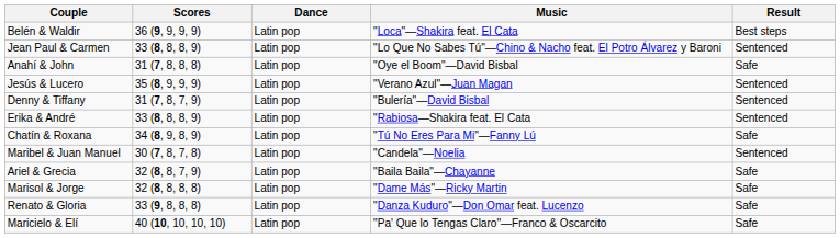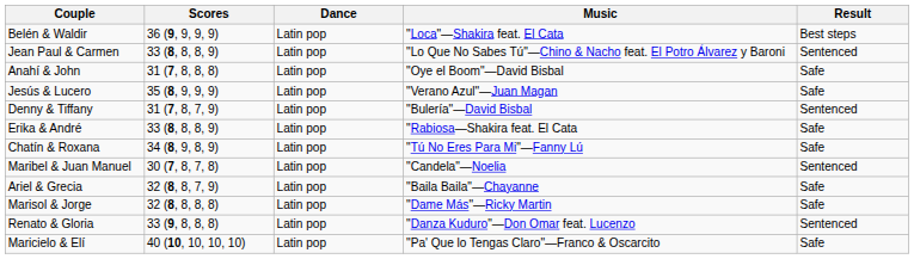 <table class="wikitable sortable" style="width:95%; white-space:nowrap;">
 <tr>
 <th style="width:15%;">Couple</th>
 <th style="width:14%;">Scores</th>
 <th style="width:14%;">Dance</th>
 <th style="width:40%;">Music</th>
 <th style="width:12%;">Result</th>
 </tr>
 <tr>
 <td>Belén & Waldir</td>
 <td>36 (<strong>9</strong>, 9, 9, 9)</td>
 <td>Latin pop</td>
 <td>"<a href='#'>Loca</a>"—<a href='#'>Shakira</a> feat. <a href='#'>El Cata</a></td>
 <td>Best steps</td>
 </tr>
 <tr>
 <td>Jean Paul & Carmen</td>
 <td>33 (<strong>8</strong>, 8, 8, 9)</td>
 <td>Latin pop</td>
 <td>"Lo Que No Sabes Tú"—<a href='#'>Chino & Nacho</a> feat. <a href='#'>El Potro Álvarez</a> y Baroni</td>
 <td>Sentenced</td>
 </tr>
 <tr>
 <td>Anahí & John</td>
 <td>31 (<strong>7</strong>, 8, 8, 8)</td>
 <td>Latin pop</td>
 <td>"Oye el Boom"—David Bisbal</td>
 <td>Safe</td>
 </tr>
 <tr>
 <td>Jesús & Lucero</td>
 <td>35 (<strong>8</strong>, 9, 9, 9)</td>
 <td>Latin pop</td>
 <td>"Verano Azul"—<a href='#'>Juan Magan</a></td>
-<td>Sentenced</td>
+<td>Safe</td>
 </tr>
 <tr>
 <td>Denny & Tiffany</td>
 <td>31 (<strong>7</strong>, 8, 7, 9)</td>
 <td>Latin pop</td>
 <td>"Bulería"—<a href='#'>David Bisbal</a></td>
 <td>Sentenced</td>
 </tr>
 <tr>
 <td>Erika & André</td>
 <td>33 (<strong>8</strong>, 8, 8, 9)</td>
 <td>Latin pop</td>
 <td>"<a href='#'>Rabiosa</a>—Shakira feat. El Cata</td>
-<td>Sentenced</td>
+<td>Safe</td>
 </tr>
 <tr>
 <td>Chatín & Roxana</td>
 <td>34 (<strong>8</strong>, 9, 8, 9)</td>
 <td>Latin pop</td>
 <td>"<a href='#'>Tú No Eres Para Mi</a>"—<a href='#'>Fanny Lú</a></td>
 <td>Safe</td>
 </tr>
 <tr>
 <td>Maribel & Juan Manuel</td>
 <td>30 (<strong>7</strong>, 8, 7, 8)</td>
 <td>Latin pop</td>
 <td>"Candela"—<a href='#'>Noelia</a></td>
 <td>Sentenced</td>
 </tr>
 <tr>
 <td>Ariel & Grecia</td>
 <td>32 (<strong>8</strong>, 8, 7, 9)</td>
 <td>Latin pop</td>
 <td>"Baila Baila"—<a href='#'>Chayanne</a></td>
 <td>Safe</td>
 </tr>
 <tr>
 <td>Marisol & Jorge</td>
 <td>32 (<strong>8</strong>, 8, 8, 8)</td>
 <td>Latin pop</td>
 <td>"<a href='#'>Dame Más</a>"—<a href='#'>Ricky Martin</a></td>
 <td>Safe</td>
 </tr>
 <tr>
 <td>Renato & Gloria</td>
 <td>33 (<strong>9</strong>, 8, 8, 8)</td>
 <td>Latin pop</td>
 <td>"<a href='#'>Danza Kuduro</a>"—<a href='#'>Don Omar</a> feat. <a href='#'>Lucenzo</a></td>
-<td>Safe</td>
+<td>Sentenced</td>
 </tr>
 <tr>
 <td>Maricielo & Elí</td>
 <td>40 (<strong>10</strong>, 10, 10, 10)</td>
 <td>Latin pop</td>
 <td>"Pa' Que lo Tengas Claro"—Franco & Oscarcito</td>
 <td>Safe</td>
 </tr>
 </table>
